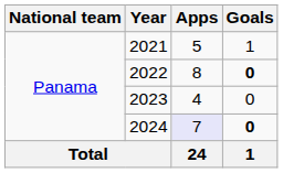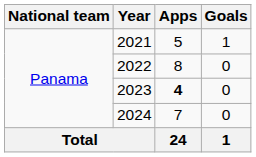 <table class="wikitable" style="text-align:center">
 <tr>
 <th>National team</th>
 <th>Year</th>
 <th>Apps</th>
 <th>Goals</th>
 </tr>
 <tr>
 <td rowspan=4><a href='#'>Panama</a></td>
 <td>2021</td>
 <td>5</td>
 <td>1</td>
 </tr>
 <tr>
 <td>2022</td>
 <td>8</td>
-<td><strong>0</strong></td>
+<td>0</td>
 </tr>
 <tr>
 <td>2023</td>
-<td>4</td>
+<td><strong>4</strong></td>
 <td>0</td>
 </tr>
 <tr>
 <td>2024</td>
-<td style="background: lavender;">7</td>
-<td><strong>0</strong></td>
+<td>7</td>
+<td>0</td>
 </tr>
 <tr>
 <th colspan="2">Total</th>
 <th>24</th>
 <th>1</th>
 </tr>
 </table>
